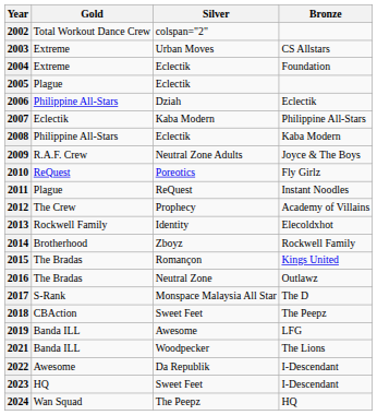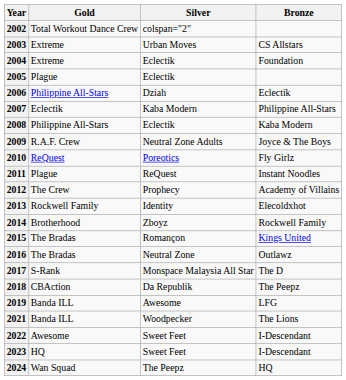 <table class="wikitable sortable plainrowheaders" style="text-align:left; font-size:90%;">
 <tr>
 <th scope="col">Year</th>
 <th scope="col"> <strong>Gold</strong></th>
 <th scope="col"> <strong>Silver</strong></th>
 <th scope="col"> <strong>Bronze</strong></th>
 </tr>
 <tr>
 <th>2002</th>
 <td> Total Workout Dance Crew</td>
 <td>colspan="2" </td>
 </tr>
 <tr>
 <th>2003</th>
 <td> Extreme</td>
 <td> Urban Moves</td>
 <td> CS Allstars</td>
 </tr>
 <tr>
 <th>2004</th>
 <td> Extreme</td>
 <td> Eclectik</td>
 <td> Foundation</td>
 </tr>
 <tr>
 <th>2005</th>
 <td> Plague</td>
 <td> Eclectik</td>
 </tr>
 <tr>
 <th>2006</th>
 <td> <a href='#'>Philippine All-Stars</a></td>
 <td> Dziah</td>
 <td> Eclectik</td>
 </tr>
 <tr>
 <th>2007</th>
 <td> Eclectik</td>
 <td> Kaba Modern</td>
 <td> Philippine All-Stars</td>
 </tr>
 <tr>
 <th>2008</th>
 <td> Philippine All-Stars</td>
 <td> Eclectik</td>
 <td> Kaba Modern</td>
 </tr>
 <tr>
 <th>2009</th>
 <td> R.A.F. Crew</td>
 <td> Neutral Zone Adults</td>
 <td> Joyce & The Boys</td>
 </tr>
 <tr>
 <th>2010</th>
 <td> <a href='#'>ReQuest</a></td>
 <td> <a href='#'>Poreotics</a></td>
 <td> Fly Girlz</td>
 </tr>
 <tr>
 <th>2011</th>
 <td> Plague</td>
 <td> ReQuest</td>
 <td> Instant Noodles</td>
 </tr>
 <tr>
 <th>2012</th>
 <td> The Crew</td>
 <td> Prophecy</td>
 <td> Academy of Villains</td>
 </tr>
 <tr>
 <th>2013</th>
 <td> Rockwell Family</td>
 <td> Identity</td>
 <td> Elecoldxhot</td>
 </tr>
 <tr>
 <th>2014</th>
 <td> Brotherhood</td>
 <td> Zboyz</td>
 <td> Rockwell Family</td>
 </tr>
 <tr>
 <th>2015</th>
 <td> The Bradas</td>
 <td> Romançon</td>
 <td> <a href='#'>Kings United</a></td>
 </tr>
 <tr>
 <th>2016</th>
 <td> The Bradas</td>
 <td> Neutral Zone</td>
 <td> Outlawz</td>
 </tr>
 <tr>
 <th>2017</th>
 <td> S-Rank</td>
 <td> Monspace Malaysia All Star</td>
 <td> The D</td>
 </tr>
 <tr>
 <th>2018</th>
 <td> CBAction</td>
-<td> Sweet Feet</td>
+<td> Da Republik</td>
 <td> The Peepz</td>
 </tr>
 <tr>
 <th>2019</th>
 <td> Banda ILL</td>
 <td> Awesome</td>
 <td> LFG</td>
 </tr>
 <tr>
 <th>2021</th>
 <td> Banda ILL</td>
 <td> Woodpecker</td>
 <td> The Lions</td>
 </tr>
 <tr>
 <th>2022</th>
 <td> Awesome</td>
-<td> Da Republik</td>
+<td> Sweet Feet</td>
 <td> I-Descendant</td>
 </tr>
 <tr>
 <th>2023</th>
 <td> HQ</td>
 <td> Sweet Feet</td>
 <td> I-Descendant</td>
 </tr>
 <tr>
 <th>2024</th>
 <td> Wan Squad</td>
 <td> The Peepz</td>
 <td> HQ</td>
 </tr>
 </table>
